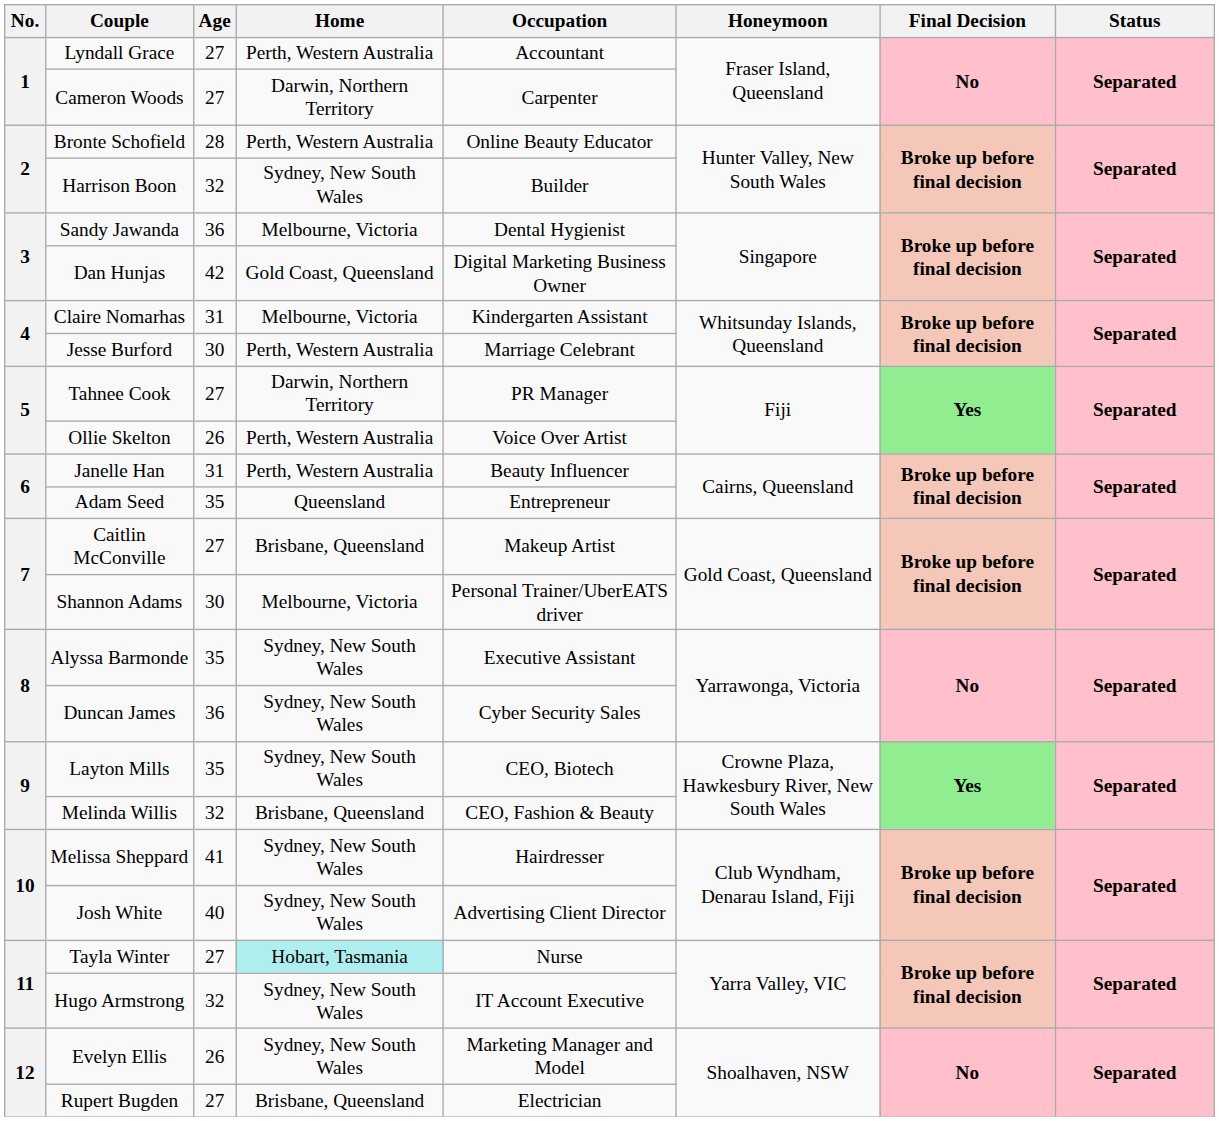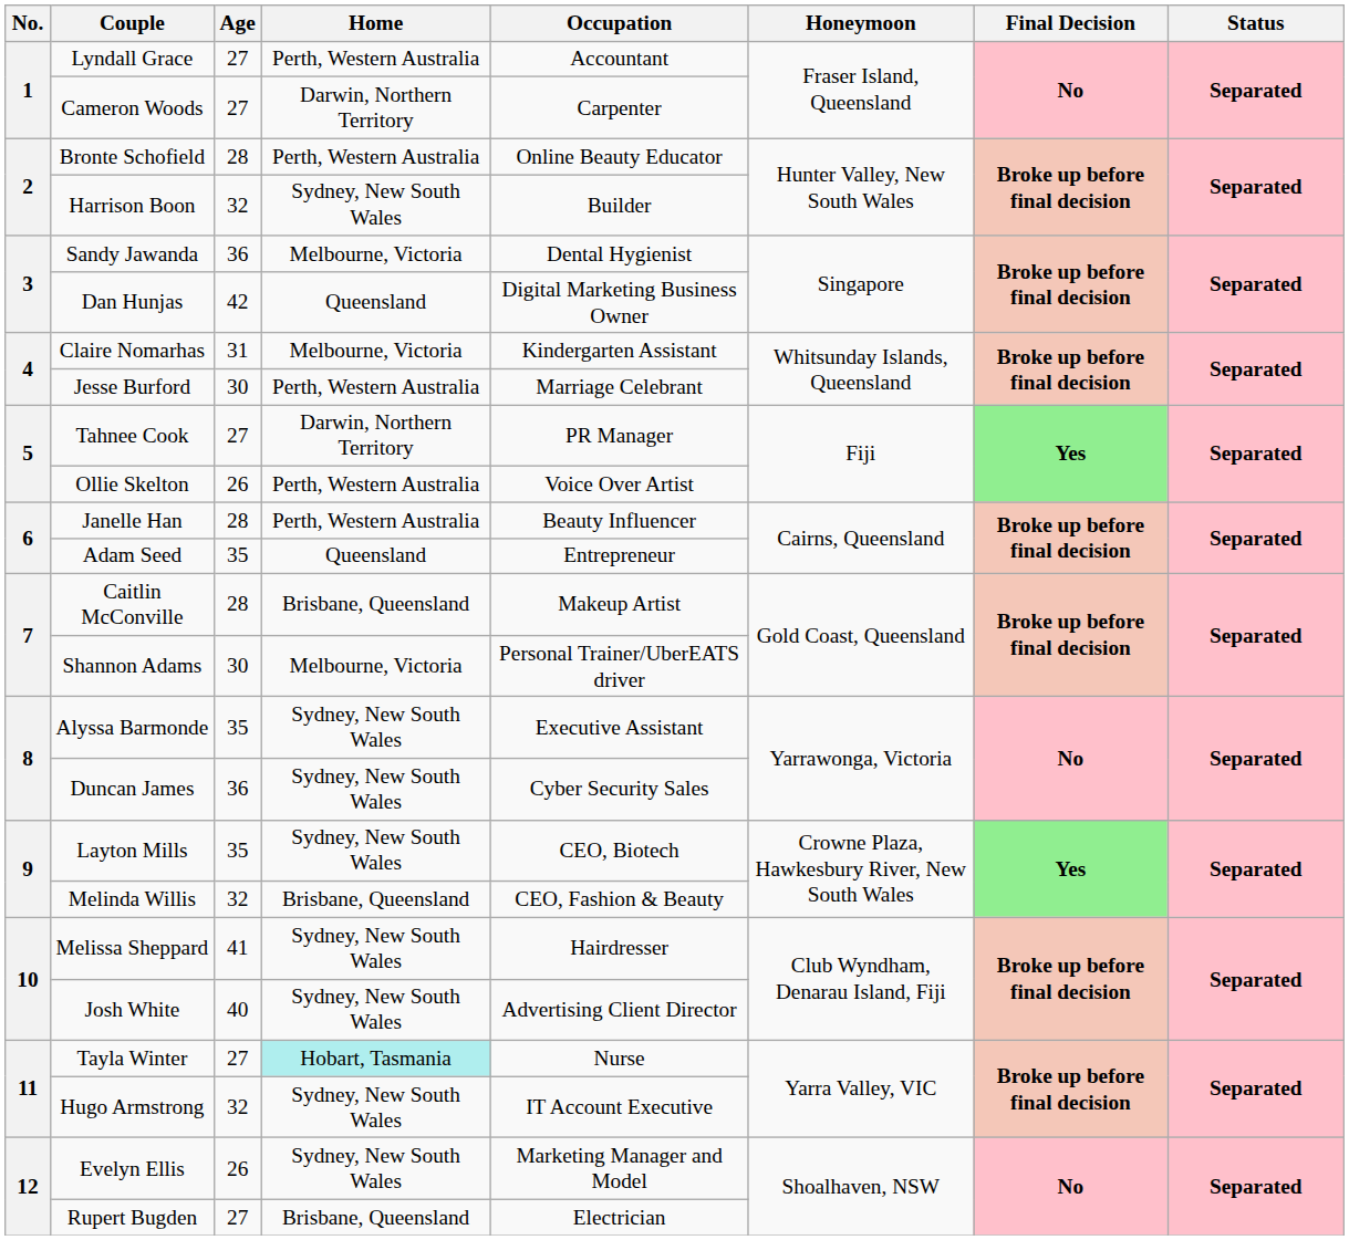 <table class="wikitable plainrowheaders" style="text-align:center; width:100%; font-size:88%;">
 <tr>
 <th width=25>No.</th>
 <th width=130>Couple</th>
 <th width=25>Age</th>
 <th width=210>Home</th>
 <th width=210>Occupation</th>
 <th width=200>Honeymoon</th>
 <th width=180>Final Decision</th>
 <th width=150>Status</th>
 </tr>
 <tr>
 <th rowspan="2">1</th>
 <td>Lyndall Grace</td>
 <td>27</td>
 <td>Perth, Western Australia</td>
 <td>Accountant</td>
 <td rowspan="2">Fraser Island, Queensland</td>
 <th rowspan="2" style="background:pink;">No</th>
 <th rowspan="2" style="background:pink;">Separated</th>
 </tr>
 <tr>
 <td>Cameron Woods</td>
 <td>27</td>
 <td>Darwin, Northern Territory</td>
 <td>Carpenter</td>
 </tr>
 <tr>
 <th rowspan="2">2</th>
 <td>Bronte Schofield</td>
 <td>28</td>
 <td>Perth, Western Australia</td>
 <td>Online Beauty Educator</td>
 <td rowspan="2">Hunter Valley, New South Wales</td>
 <th rowspan="2" style="background:#f4c7b8;">Broke up before final decision</th>
 <th rowspan="2" style="background:pink;">Separated</th>
 </tr>
 <tr>
 <td>Harrison Boon</td>
 <td>32</td>
 <td>Sydney, New South Wales</td>
 <td>Builder</td>
 </tr>
 <tr>
 <th rowspan="2">3</th>
 <td>Sandy Jawanda</td>
 <td>36</td>
 <td>Melbourne, Victoria</td>
 <td>Dental Hygienist</td>
 <td rowspan="2">Singapore</td>
 <th rowspan="2" style="background:#f4c7b8;">Broke up before final decision</th>
 <th rowspan="2" style="background:pink;">Separated</th>
 </tr>
 <tr>
 <td>Dan Hunjas</td>
 <td>42</td>
-<td>Gold Coast, Queensland</td>
+<td>Queensland</td>
 <td>Digital Marketing Business Owner</td>
 </tr>
 <tr>
 <th rowspan="2">4</th>
 <td>Claire Nomarhas</td>
 <td>31</td>
 <td>Melbourne, Victoria</td>
 <td>Kindergarten Assistant</td>
 <td rowspan="2">Whitsunday Islands, Queensland</td>
 <th rowspan="2" style="background:#f4c7b8;">Broke up before final decision</th>
 <th rowspan="2" style="background:pink;">Separated</th>
 </tr>
 <tr>
 <td>Jesse Burford</td>
 <td>30</td>
 <td>Perth, Western Australia</td>
 <td>Marriage Celebrant</td>
 </tr>
 <tr>
 <th rowspan="2">5</th>
 <td>Tahnee Cook</td>
 <td>27</td>
 <td>Darwin, Northern Territory</td>
 <td>PR Manager</td>
 <td rowspan="2">Fiji</td>
 <th rowspan="2" style="background:lightgreen;">Yes</th>
 <th rowspan="2" style="background:pink;">Separated</th>
 </tr>
 <tr>
 <td>Ollie Skelton</td>
 <td>26</td>
 <td>Perth, Western Australia</td>
 <td>Voice Over Artist</td>
 </tr>
 <tr>
 <th rowspan="2">6</th>
 <td>Janelle Han</td>
-<td>31</td>
+<td>28</td>
 <td>Perth, Western Australia</td>
 <td>Beauty Influencer</td>
 <td rowspan="2">Cairns, Queensland</td>
 <th rowspan="2" style="background:#f4c7b8;">Broke up before final decision</th>
 <th rowspan="2" style="background:pink;">Separated</th>
 </tr>
 <tr>
 <td>Adam Seed</td>
 <td>35</td>
 <td>Queensland</td>
 <td>Entrepreneur</td>
 </tr>
 <tr>
 <th rowspan="2">7</th>
 <td>Caitlin McConville</td>
-<td>27</td>
+<td>28</td>
 <td>Brisbane, Queensland</td>
 <td>Makeup Artist</td>
 <td rowspan="2">Gold Coast, Queensland</td>
 <th rowspan="2" style="background:#f4c7b8;">Broke up before final decision</th>
 <th rowspan="2" style="background:pink;">Separated</th>
 </tr>
 <tr>
 <td>Shannon Adams</td>
 <td>30</td>
 <td>Melbourne, Victoria</td>
 <td>Personal Trainer/UberEATS driver</td>
 </tr>
 <tr>
 <th rowspan="2">8</th>
 <td>Alyssa Barmonde</td>
 <td>35</td>
 <td>Sydney, New South Wales</td>
 <td>Executive Assistant</td>
 <td rowspan="2">Yarrawonga, Victoria</td>
 <th rowspan="2" style="background:pink;">No</th>
 <th rowspan="2" style="background:pink;">Separated</th>
 </tr>
 <tr>
 <td>Duncan James</td>
 <td>36</td>
 <td>Sydney, New South Wales</td>
 <td>Cyber Security Sales</td>
 </tr>
 <tr>
 <th rowspan="2">9</th>
 <td>Layton Mills</td>
 <td>35</td>
 <td>Sydney, New South Wales</td>
 <td>CEO, Biotech</td>
 <td rowspan="2">Crowne Plaza, Hawkesbury River, New South Wales</td>
 <th rowspan="2" style="background:lightgreen;">Yes</th>
 <th rowspan="2" style="background:pink;">Separated</th>
 </tr>
 <tr>
 <td>Melinda Willis</td>
 <td>32</td>
 <td>Brisbane, Queensland</td>
 <td>CEO, Fashion & Beauty</td>
 </tr>
 <tr>
 <th rowspan="2">10</th>
 <td>Melissa Sheppard</td>
 <td>41</td>
 <td>Sydney, New South Wales</td>
 <td>Hairdresser</td>
 <td rowspan="2">Club Wyndham, Denarau Island, Fiji</td>
 <th rowspan="2" style="background:#f4c7b8;">Broke up before final decision</th>
 <th rowspan="2" style="background:pink;">Separated</th>
 </tr>
 <tr>
 <td>Josh White</td>
 <td>40</td>
 <td>Sydney, New South Wales</td>
 <td>Advertising Client Director</td>
 </tr>
 <tr>
 <th rowspan="2">11</th>
 <td>Tayla Winter</td>
 <td>27</td>
 <td style="background: paleturquoise;">Hobart, Tasmania</td>
 <td>Nurse</td>
 <td rowspan="2">Yarra Valley, VIC</td>
 <th rowspan="2" style="background:#f4c7b8;">Broke up before final decision</th>
 <th rowspan="2" style="background:pink;">Separated</th>
 </tr>
 <tr>
 <td>Hugo Armstrong</td>
 <td>32</td>
 <td>Sydney, New South Wales</td>
 <td>IT Account Executive</td>
 </tr>
 <tr>
 <th rowspan="2">12</th>
 <td>Evelyn Ellis</td>
 <td>26</td>
 <td>Sydney, New South Wales</td>
 <td>Marketing Manager and Model</td>
 <td rowspan="2">Shoalhaven, NSW</td>
 <th rowspan="2" style="background:pink;">No</th>
 <th rowspan="2" style="background:pink;">Separated</th>
 </tr>
 <tr>
 <td>Rupert Bugden</td>
 <td>27</td>
 <td>Brisbane, Queensland</td>
 <td>Electrician</td>
 </tr>
 </table>
